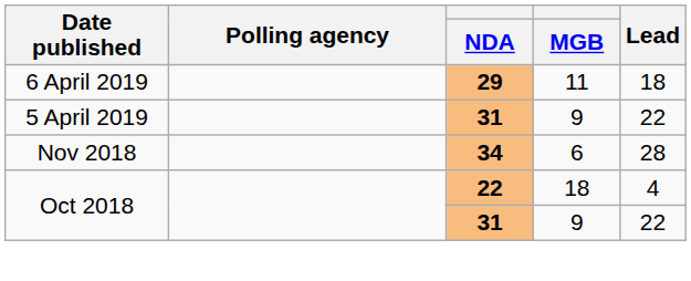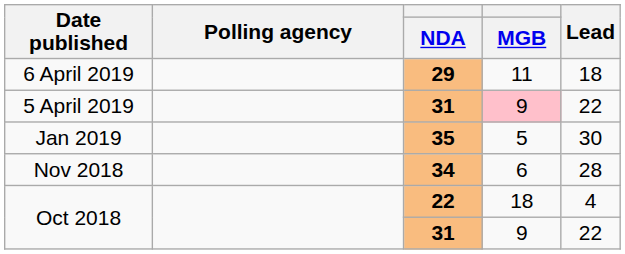 <table class="wikitable sortable" style="text-align:center;font-size:95%;line-height:16px">
 <tr>
 <th rowspan="2" style="width:100px;">Date published</th>
 <th rowspan="2" style="width:175px;">Polling agency</th>
 <th style="background:"></th>
 <th style="background:"></th>
 <th rowspan="2">Lead</th>
 </tr>
 <tr>
 <th style="width:50px;" class="unsortable"><a href='#'>NDA</a></th>
 <th style="width:50px;" class="unsortable"><a href='#'>MGB</a></th>
 </tr>
 <tr>
 <td>6 April 2019</td>
 <td></td>
 <td style="background:#F9BC7F"><strong>29</strong></td>
 <td>11</td>
 <td style="background:">18</td>
 </tr>
 <tr>
 <td>5 April 2019</td>
 <td></td>
 <td style="background:#F9BC7F"><strong>31</strong></td>
-<td>9</td>
+<td style="background: pink;">9</td>
 <td style="background:"><span>22</span></td>
+</tr>
+<tr>
+<td>Jan 2019</td>
+<td> </td>
+<td style="background:#F9BC7F"><strong>35</strong></td>
+<td>5</td>
+<td style="background:"><span>30</span></td>
 </tr>
 <tr>
 <td>Nov 2018</td>
 <td></td>
 <td style="background:#F9BC7F"><strong>34</strong></td>
 <td>6</td>
 <td style="background:"><span>28</span></td>
 </tr>
 <tr>
 <td rowspan="2">Oct 2018</td>
 <td rowspan="2"></td>
 <td style="background:#F9BC7F"><strong>22</strong></td>
 <td>18</td>
 <td style="background:"><span>4</span></td>
 </tr>
 <tr>
 <td style="background:#F9BC7F"><strong>31</strong></td>
 <td>9</td>
 <td style="background:"><span>22</span></td>
 </tr>
 </table>
